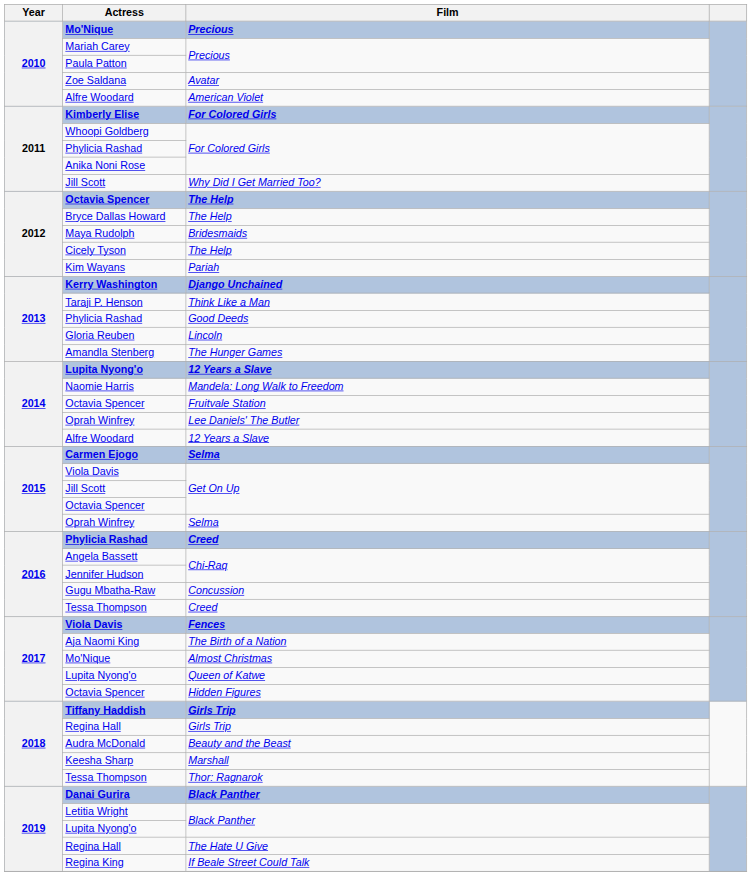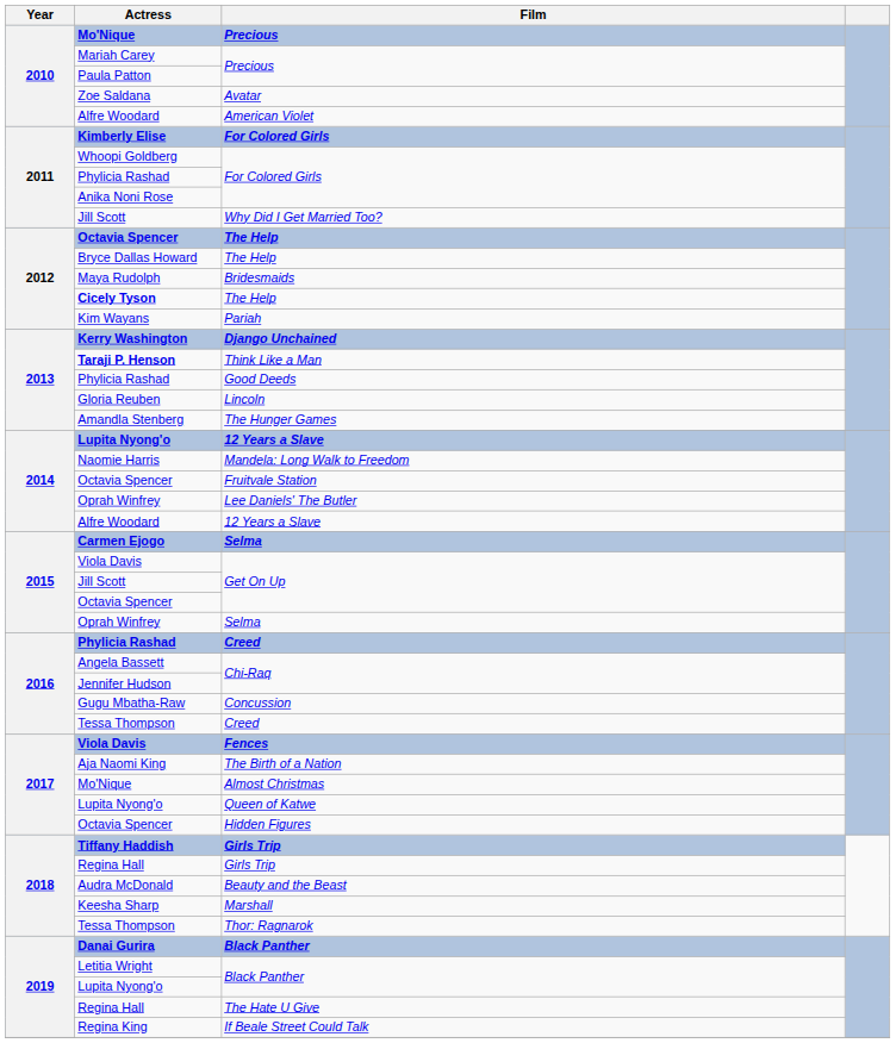 <table class="wikitable" style="width:70%;">
 <tr style="background:#bebebe;">
 <th scope="col" style="width:5em;">Year</th>
 <th scope="col" style="width:11em;">Actress</th>
 <th scope="col">Film</th>
 <th scope="col" style="width:3em;"></th>
 </tr>
 <tr style="background:#B0C4DE; font-weight:bold;">
 <th scope="row" rowspan="5"><a href='#'>2010</a></th>
 <td><a href='#'>Mo'Nique</a></td>
 <td><em><a href='#'>Precious</a></em></td>
 <td rowspan="5" style="text-align:center;"></td>
 </tr>
 <tr>
 <td><a href='#'>Mariah Carey</a></td>
 <td rowspan="2"><em><a href='#'>Precious</a></em></td>
 </tr>
 <tr>
 <td><a href='#'>Paula Patton</a></td>
 </tr>
 <tr>
 <td><a href='#'>Zoe Saldana</a></td>
 <td><em><a href='#'>Avatar</a></em></td>
 </tr>
 <tr>
 <td><a href='#'>Alfre Woodard</a></td>
 <td><em><a href='#'>American Violet</a></em></td>
 </tr>
 <tr style="background:#B0C4DE; font-weight:bold;">
 <th scope="row" rowspan="5">2011</th>
 <td><a href='#'>Kimberly Elise</a></td>
 <td><em><a href='#'>For Colored Girls</a></em></td>
 <td rowspan="5" style="text-align:center;"></td>
 </tr>
 <tr>
 <td><a href='#'>Whoopi Goldberg</a></td>
 <td rowspan="3"><em><a href='#'>For Colored Girls</a></em></td>
 </tr>
 <tr>
 <td><a href='#'>Phylicia Rashad</a></td>
 </tr>
 <tr>
 <td><a href='#'>Anika Noni Rose</a></td>
 </tr>
 <tr>
 <td><a href='#'>Jill Scott</a></td>
 <td><em><a href='#'>Why Did I Get Married Too?</a></em></td>
 </tr>
 <tr style="background:#B0C4DE; font-weight:bold;">
 <th scope="row" rowspan="5">2012</th>
 <td><a href='#'>Octavia Spencer</a></td>
 <td><em><a href='#'>The Help</a></em></td>
 <td rowspan="5" style="text-align:center;"></td>
 </tr>
 <tr>
 <td><a href='#'>Bryce Dallas Howard</a></td>
 <td><em><a href='#'>The Help</a></em></td>
 </tr>
 <tr>
 <td><a href='#'>Maya Rudolph</a></td>
 <td><em><a href='#'>Bridesmaids</a></em></td>
 </tr>
 <tr>
-<td><a href='#'>Cicely Tyson</a></td>
+<td><strong><a href='#'>Cicely Tyson</a></strong></td>
 <td><em><a href='#'>The Help</a></em></td>
 </tr>
 <tr>
 <td><a href='#'>Kim Wayans</a></td>
 <td><em><a href='#'>Pariah</a></em></td>
 </tr>
 <tr style="background:#B0C4DE; font-weight:bold;">
 <th scope="row" rowspan="5"><a href='#'>2013</a></th>
 <td><a href='#'>Kerry Washington</a></td>
 <td><em><a href='#'>Django Unchained</a></em></td>
 <td rowspan="5" style="text-align:center;"></td>
 </tr>
 <tr>
-<td><a href='#'>Taraji P. Henson</a></td>
+<td><strong><a href='#'>Taraji P. Henson</a></strong></td>
 <td><em><a href='#'>Think Like a Man</a></em></td>
 </tr>
 <tr>
 <td><a href='#'>Phylicia Rashad</a></td>
 <td><em><a href='#'>Good Deeds</a></em></td>
 </tr>
 <tr>
 <td><a href='#'>Gloria Reuben</a></td>
 <td><em><a href='#'>Lincoln</a></em></td>
 </tr>
 <tr>
 <td><a href='#'>Amandla Stenberg</a></td>
 <td><em><a href='#'>The Hunger Games</a></em></td>
 </tr>
 <tr style="background:#B0C4DE; font-weight:bold;">
 <th scope="row" rowspan="5"><a href='#'>2014</a></th>
 <td><a href='#'>Lupita Nyong'o</a></td>
 <td><em><a href='#'>12 Years a Slave</a></em></td>
 <td rowspan="5" style="text-align:center;"></td>
 </tr>
 <tr>
 <td><a href='#'>Naomie Harris</a></td>
 <td><em><a href='#'>Mandela: Long Walk to Freedom</a></em></td>
 </tr>
 <tr>
 <td><a href='#'>Octavia Spencer</a></td>
 <td><em><a href='#'>Fruitvale Station</a></em></td>
 </tr>
 <tr>
 <td><a href='#'>Oprah Winfrey</a></td>
 <td><em><a href='#'>Lee Daniels' The Butler</a></em></td>
 </tr>
 <tr>
 <td><a href='#'>Alfre Woodard</a></td>
 <td><em><a href='#'>12 Years a Slave</a></em></td>
 </tr>
 <tr style="background:#B0C4DE; font-weight:bold;">
 <th scope="row" rowspan="5"><a href='#'>2015</a></th>
 <td><a href='#'>Carmen Ejogo</a></td>
 <td><em><a href='#'>Selma</a></em></td>
 <td rowspan="5" style="text-align:center;"></td>
 </tr>
 <tr>
 <td><a href='#'>Viola Davis</a></td>
 <td rowspan="3"><em><a href='#'>Get On Up</a></em></td>
 </tr>
 <tr>
 <td><a href='#'>Jill Scott</a></td>
 </tr>
 <tr>
 <td><a href='#'>Octavia Spencer</a></td>
 </tr>
 <tr>
 <td><a href='#'>Oprah Winfrey</a></td>
 <td><em><a href='#'>Selma</a></em></td>
 </tr>
 <tr style="background:#B0C4DE; font-weight:bold;">
 <th scope="row" rowspan="5"><a href='#'>2016</a></th>
 <td><a href='#'>Phylicia Rashad</a></td>
 <td><em><a href='#'>Creed</a></em></td>
 <td rowspan="5" style="text-align:center;"></td>
 </tr>
 <tr>
 <td><a href='#'>Angela Bassett</a></td>
 <td rowspan="2"><em><a href='#'>Chi-Raq</a></em></td>
 </tr>
 <tr>
 <td><a href='#'>Jennifer Hudson</a></td>
 </tr>
 <tr>
 <td><a href='#'>Gugu Mbatha-Raw</a></td>
 <td><em><a href='#'>Concussion</a></em></td>
 </tr>
 <tr>
 <td><a href='#'>Tessa Thompson</a></td>
 <td><em><a href='#'>Creed</a></em></td>
 </tr>
 <tr style="background:#B0C4DE; font-weight:bold;">
 <th scope="row" rowspan="5"><a href='#'>2017</a></th>
 <td><a href='#'>Viola Davis</a></td>
 <td><em><a href='#'>Fences</a></em></td>
 <td rowspan="5" style="text-align:center;"></td>
 </tr>
 <tr>
 <td><a href='#'>Aja Naomi King</a></td>
 <td><em><a href='#'>The Birth of a Nation</a></em></td>
 </tr>
 <tr>
 <td><a href='#'>Mo'Nique</a></td>
 <td><em><a href='#'>Almost Christmas</a></em></td>
 </tr>
 <tr>
 <td><a href='#'>Lupita Nyong'o</a></td>
 <td><em><a href='#'>Queen of Katwe</a></em></td>
 </tr>
 <tr>
 <td><a href='#'>Octavia Spencer</a></td>
 <td><em><a href='#'>Hidden Figures</a></em></td>
 </tr>
 <tr style="background:#B0C4DE; font-weight:bold;">
 <th scope="row" rowspan="5"><a href='#'>2018</a></th>
 <td><a href='#'>Tiffany Haddish</a></td>
 <td><em><a href='#'>Girls Trip</a></em></td>
 </tr>
 <tr>
 <td><a href='#'>Regina Hall</a></td>
 <td><em><a href='#'>Girls Trip</a></em></td>
 </tr>
 <tr>
 <td><a href='#'>Audra McDonald</a></td>
 <td><em><a href='#'>Beauty and the Beast</a></em></td>
 </tr>
 <tr>
 <td><a href='#'>Keesha Sharp</a></td>
 <td><em><a href='#'>Marshall</a></em></td>
 </tr>
 <tr>
 <td><a href='#'>Tessa Thompson</a></td>
 <td><em><a href='#'>Thor: Ragnarok</a></em></td>
 </tr>
 <tr style="background:#B0C4DE; font-weight:bold;">
 <th scope="row" rowspan="5"><a href='#'>2019</a></th>
 <td><a href='#'>Danai Gurira</a></td>
 <td><em><a href='#'>Black Panther</a></em></td>
 <td rowspan="5" style="text-align:center;"></td>
 </tr>
 <tr>
 <td><a href='#'>Letitia Wright</a></td>
 <td rowspan="2"><em><a href='#'>Black Panther</a></em></td>
 </tr>
 <tr>
 <td><a href='#'>Lupita Nyong'o</a></td>
 </tr>
 <tr>
 <td><a href='#'>Regina Hall</a></td>
 <td><em><a href='#'>The Hate U Give</a></em></td>
 </tr>
 <tr>
 <td><a href='#'>Regina King</a></td>
 <td><em><a href='#'>If Beale Street Could Talk</a></em></td>
 </tr>
 <tr>
 </tr>
 </table>
